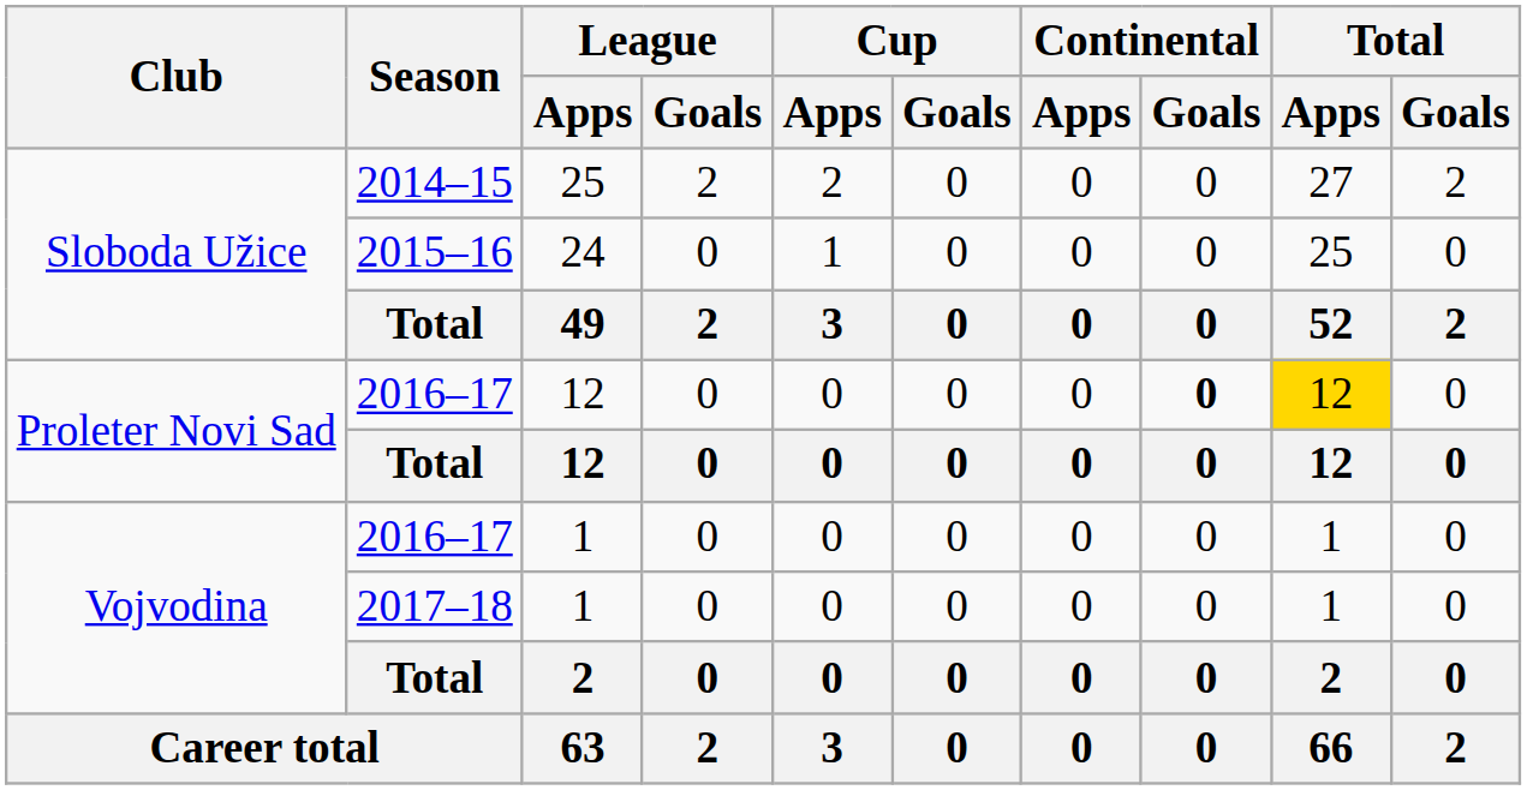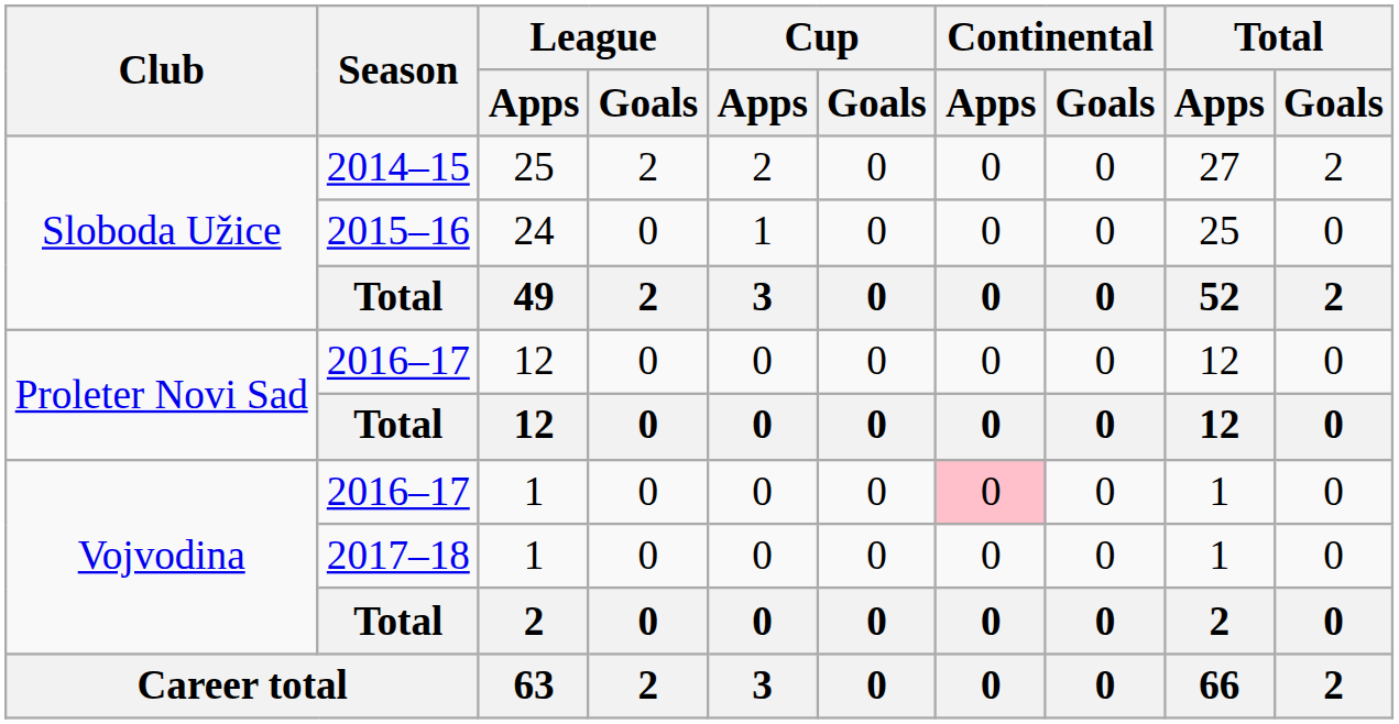 <table class="wikitable" style="text-align:center">
 <tr>
 <th rowspan="2">Club</th>
 <th rowspan="2">Season</th>
 <th colspan="2">League</th>
 <th colspan="2">Cup</th>
 <th colspan="2">Continental</th>
 <th colspan="2">Total</th>
 </tr>
 <tr>
 <th>Apps</th>
 <th>Goals</th>
 <th>Apps</th>
 <th>Goals</th>
 <th>Apps</th>
 <th>Goals</th>
 <th>Apps</th>
 <th>Goals</th>
 </tr>
 <tr>
 <td rowspan="3"><a href='#'>Sloboda Užice</a></td>
 <td><a href='#'>2014–15</a></td>
 <td>25</td>
 <td>2</td>
 <td>2</td>
 <td>0</td>
 <td>0</td>
 <td>0</td>
 <td>27</td>
 <td>2</td>
 </tr>
 <tr>
 <td><a href='#'>2015–16</a></td>
 <td>24</td>
 <td>0</td>
 <td>1</td>
 <td>0</td>
 <td>0</td>
 <td>0</td>
 <td>25</td>
 <td>0</td>
 </tr>
 <tr>
 <th>Total</th>
 <th>49</th>
 <th>2</th>
 <th>3</th>
 <th>0</th>
 <th>0</th>
 <th>0</th>
 <th>52</th>
 <th>2</th>
 </tr>
 <tr>
 <td rowspan="2"><a href='#'>Proleter Novi Sad</a></td>
 <td><a href='#'>2016–17</a></td>
 <td>12</td>
 <td>0</td>
 <td>0</td>
 <td>0</td>
 <td>0</td>
-<td><strong>0</strong></td>
-<td style="background: gold;">12</td>
+<td>0</td>
+<td>12</td>
 <td>0</td>
 </tr>
 <tr>
 <th>Total</th>
 <th>12</th>
 <th>0</th>
 <th>0</th>
 <th>0</th>
 <th>0</th>
 <th>0</th>
 <th>12</th>
 <th>0</th>
 </tr>
 <tr>
 <td rowspan="3"><a href='#'>Vojvodina</a></td>
 <td><a href='#'>2016–17</a></td>
 <td>1</td>
 <td>0</td>
 <td>0</td>
 <td>0</td>
-<td>0</td>
+<td style="background: pink;">0</td>
 <td>0</td>
 <td>1</td>
 <td>0</td>
 </tr>
 <tr>
 <td><a href='#'>2017–18</a></td>
 <td>1</td>
 <td>0</td>
 <td>0</td>
 <td>0</td>
 <td>0</td>
 <td>0</td>
 <td>1</td>
 <td>0</td>
 </tr>
 <tr>
 <th>Total</th>
 <th>2</th>
 <th>0</th>
 <th>0</th>
 <th>0</th>
 <th>0</th>
 <th>0</th>
 <th>2</th>
 <th>0</th>
 </tr>
 <tr>
 <th colspan="2">Career total</th>
 <th>63</th>
 <th>2</th>
 <th>3</th>
 <th>0</th>
 <th>0</th>
 <th>0</th>
 <th>66</th>
 <th>2</th>
 </tr>
 </table>
